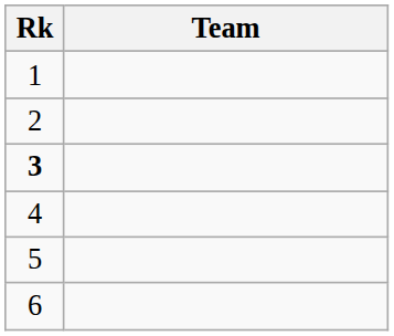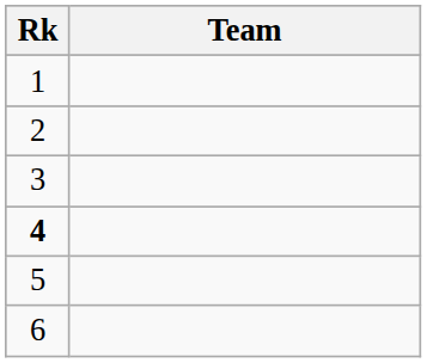 <table class=wikitable style=text-align:center>
 <tr>
 <th width=25>Rk</th>
 <th width=170>Team</th>
 </tr>
 <tr>
 <td>1</td>
 <td align=left></td>
 </tr>
 <tr>
 <td>2</td>
 <td align=left></td>
 </tr>
 <tr>
-<td><strong>3</strong></td>
+<td>3</td>
 <td align=left></td>
 </tr>
 <tr>
-<td>4</td>
+<td><strong>4</strong></td>
 <td align=left></td>
 </tr>
 <tr>
 <td>5</td>
 <td align=left></td>
 </tr>
 <tr>
 <td>6</td>
 <td align=left></td>
 </tr>
 </table>
